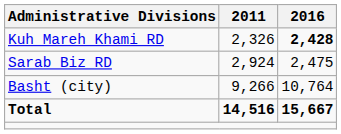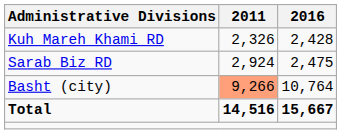 <table class="wikitable">
 <tr>
 <th>Administrative Divisions</th>
 <th>2011</th>
 <th>2016</th>
 </tr>
 <tr>
 <td><a href='#'>Kuh Mareh Khami RD</a></td>
 <td style="text-align: right;">2,326</td>
-<td style="text-align: right;"><strong>2,428</strong></td>
+<td style="text-align: right;">2,428</td>
 </tr>
 <tr>
 <td><a href='#'>Sarab Biz RD</a></td>
 <td style="text-align: right;">2,924</td>
 <td style="text-align: right;">2,475</td>
 </tr>
 <tr>
 <td><a href='#'>Basht</a> (city)</td>
-<td style="text-align: right;">9,266</td>
+<td style="background: lightsalmon; text-align: right;">9,266</td>
 <td style="text-align: right;">10,764</td>
 </tr>
 <tr>
 <td><strong>Total</strong></td>
 <td style="text-align: right;"><strong>14,516</strong></td>
 <td style="text-align: right;"><strong>15,667</strong></td>
 </tr>
 <tr>
 <td colspan=3></td>
 </tr>
 </table>
